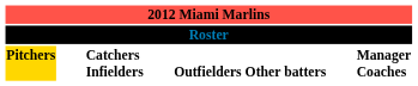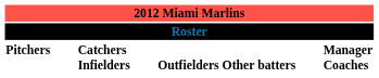 <table class="toccolours" style="font-size: 95%;">
 <tr>
 <th colspan="10" style="background:#FF5349; color:black; text-align:center;">2012 Miami Marlins</th>
 </tr>
 <tr>
 <td colspan="10" style="background:black; color:#007BB2;  text-align:center;"><strong>Roster</strong></td>
 </tr>
 <tr>
-<td valign="top" style="background: gold;"><strong>Pitchers</strong><br>                    </td>
+<td valign="top"><strong>Pitchers</strong><br>                    </td>
 <td style="width:25px;"></td>
 <td valign="top"><strong>Catchers</strong><br>   <strong>Infielders</strong>          </td>
 <td style="width:25px;"></td>
 <td valign="top"><br><strong>Outfielders</strong>           <strong>Other batters</strong> </td>
 <td style="width:25px;"></td>
 <td valign="top"><strong>Manager</strong><br> <strong>Coaches</strong>             </td>
 </tr>
 </table>
